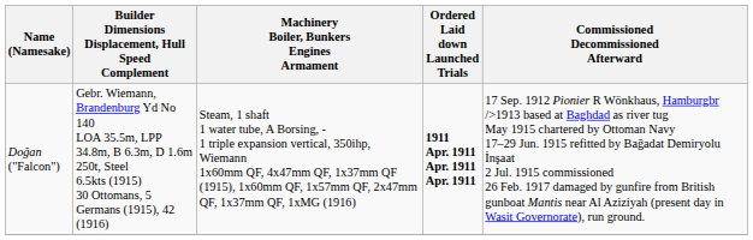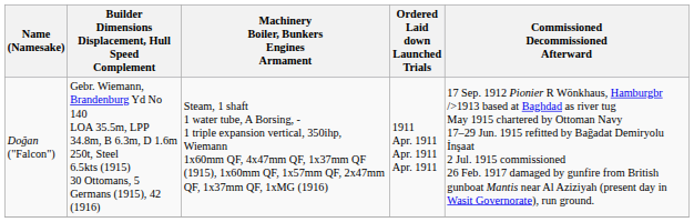 <table class="wikitable" style="font-size:90%;">
 <tr bgcolor="#e6e9ff">
 <th>Name<br>(Namesake)</th>
 <th>Builder<br>Dimensions<br>Displacement, Hull<br>Speed<br>Complement</th>
 <th>Machinery<br>Boiler, Bunkers<br>Engines<br>Armament</th>
 <th>Ordered<br>Laid down<br>Launched<br>Trials</th>
 <th>Commissioned<br>Decommissioned<br>Afterward</th>
 </tr>
 <tr ---->
 <td><em>Doğan</em><br>("Falcon")</td>
 <td> Gebr. Wiemann, <a href='#'>Brandenburg</a> Yd No 140<br>LOA 35.5m, LPP 34.8m, B 6.3m, D 1.6m<br>250t, Steel<br>6.5kts (1915)<br>30 Ottomans, 5 Germans (1915), 42 (1916)</td>
 <td>Steam, 1 shaft<br>1 water tube, A Borsing, -<br>1 triple expansion vertical, 350ihp, Wiemann<br>1x60mm QF, 4x47mm QF, 1x37mm QF (1915), 1x60mm QF, 1x57mm QF, 2x47mm QF, 1x37mm QF, 1xMG (1916)</td>
-<td><strong>1911<br>Apr. 1911<br>Apr. 1911<br>Apr. 1911</strong></td>
+<td>1911<br>Apr. 1911<br>Apr. 1911<br>Apr. 1911</td>
 <td>17 Sep. 1912 <em>Pionier</em> R Wönkhaus, <a href='#'>Hamburgbr</a> />1913 based at <a href='#'>Baghdad</a> as river tug<br>May 1915 chartered by Ottoman Navy<br>17–29 Jun. 1915 refitted by Bağadat Demiryolu İnşaat<br>2 Jul. 1915 commissioned<br>26 Feb. 1917 damaged by gunfire from British gunboat <em>Mantis</em> near Al Aziziyah (present day in <a href='#'>Wasit Governorate</a>), run ground.</td>
 </tr>
 <tr ---->
 </tr>
 </table>
